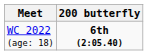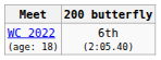 <table class="sortable wikitable">
 <tr>
 <th>Meet</th>
 <th class="unsortable">200 butterfly</th>
 </tr>
 <tr>
 <td><a href='#'>WC 2022</a><br><small>(age: 18)</small></td>
-<td align="center"><strong>6th<br><small>(2:05.40)</small></strong></td>
+<td align="center">6th<br><small>(2:05.40)</small></td>
 </tr>
 </table>
